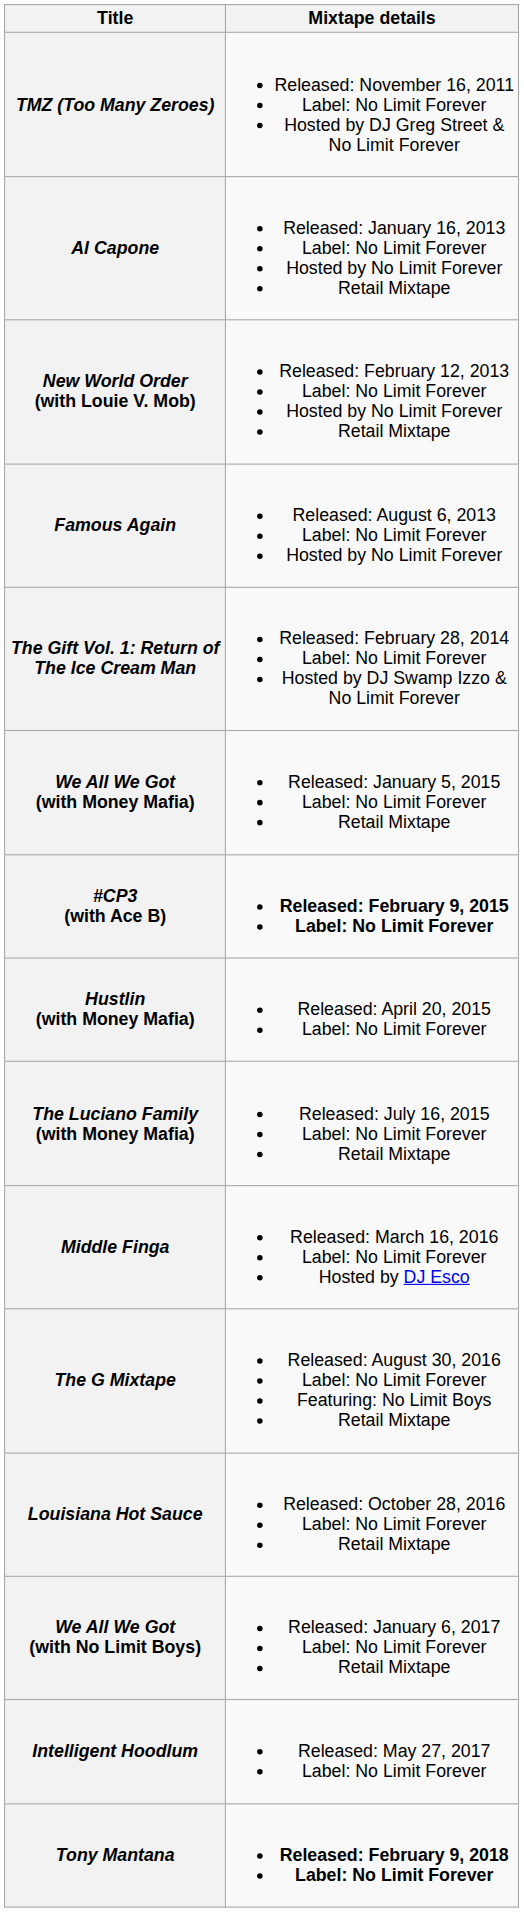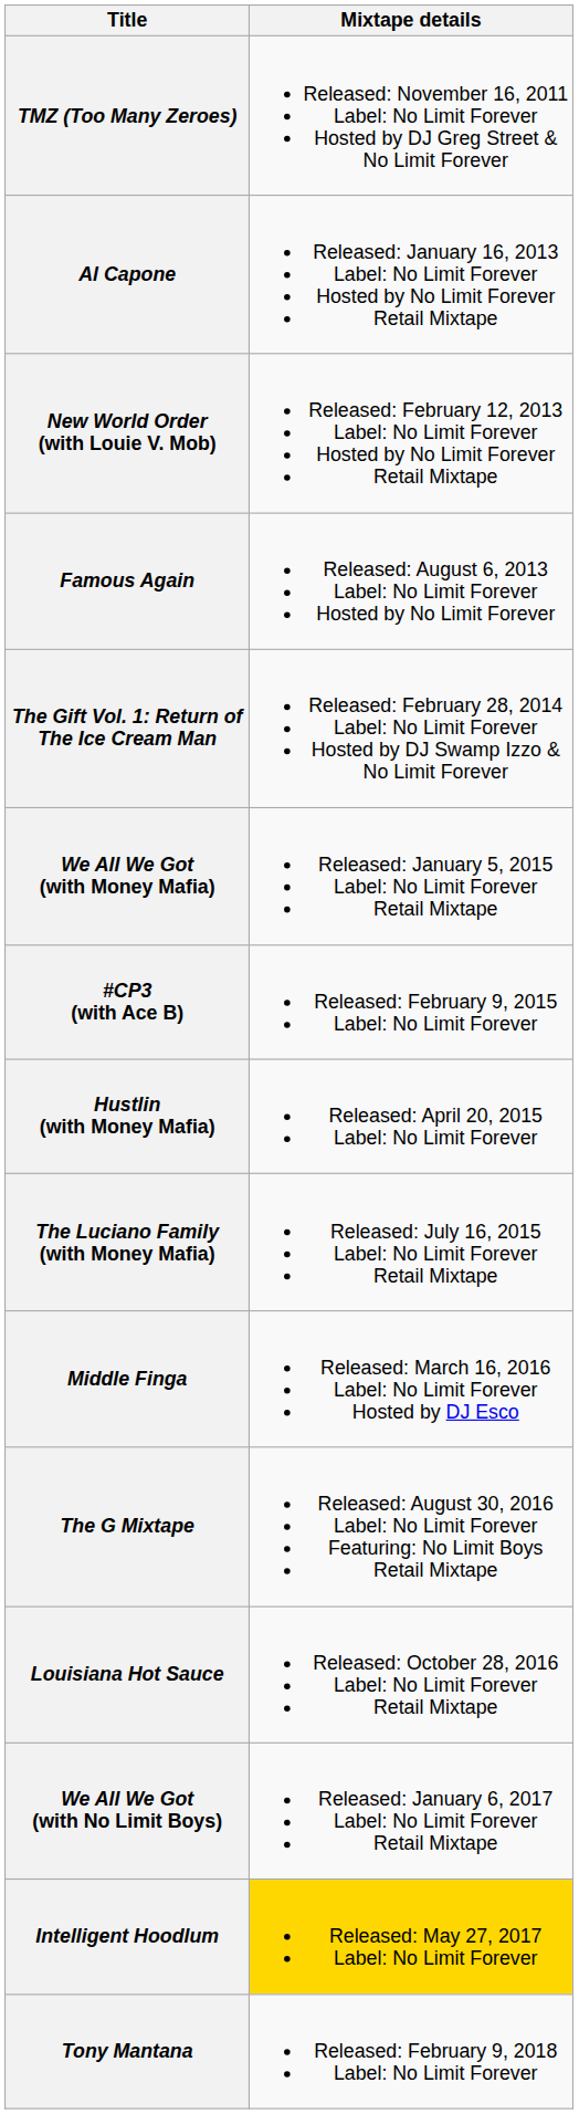 <table class="wikitable plainrowheaders" style="text-align:center;">
 <tr>
 <th scope="col" rowspan="1" style="width:12em;">Title</th>
 <th scope="col" rowspan="1" style="width:16em;">Mixtape details</th>
 </tr>
 <tr>
 <th scope="row"><em>TMZ (Too Many Zeroes)</em></th>
 <td><br><ul><li>Released: November 16, 2011</li><li>Label: No Limit Forever</li><li>Hosted by DJ Greg Street & No Limit Forever</li></ul></td>
 </tr>
 <tr>
 <th scope="row"><em>Al Capone</em></th>
 <td><br><ul><li>Released: January 16, 2013</li><li>Label: No Limit Forever</li><li>Hosted by No Limit Forever</li><li>Retail Mixtape</li></ul></td>
 </tr>
 <tr>
 <th scope="row"><em>New World Order</em> <br><span>(with Louie V. Mob)</span></th>
 <td><br><ul><li>Released: February 12, 2013</li><li>Label: No Limit Forever</li><li>Hosted by No Limit Forever</li><li>Retail Mixtape</li></ul></td>
 </tr>
 <tr>
 <th scope="row"><em>Famous Again</em></th>
 <td><br><ul><li>Released: August 6, 2013</li><li>Label: No Limit Forever</li><li>Hosted by No Limit Forever</li></ul></td>
 </tr>
 <tr>
 <th scope="row"><em>The Gift Vol. 1: Return of The Ice Cream Man</em></th>
 <td><br><ul><li>Released: February 28, 2014</li><li>Label: No Limit Forever</li><li>Hosted by DJ Swamp Izzo & No Limit Forever</li></ul></td>
 </tr>
 <tr>
 <th scope="row"><em>We All We Got</em> <br><span>(with Money Mafia)</span></th>
 <td><br><ul><li>Released: January 5, 2015</li><li>Label: No Limit Forever</li><li>Retail Mixtape</li></ul></td>
 </tr>
 <tr>
 <th scope="row"><em>#CP3</em> <br><span>(with Ace B)</span></th>
-<td><strong><br><ul><li>Released: February 9, 2015</li><li>Label: No Limit Forever</li></ul></strong></td>
+<td><br><ul><li>Released: February 9, 2015</li><li>Label: No Limit Forever</li></ul></td>
 </tr>
 <tr>
 <th scope="row"><em>Hustlin</em><br><span>(with Money Mafia)</span></th>
 <td><br><ul><li>Released: April 20, 2015</li><li>Label: No Limit Forever</li></ul></td>
 </tr>
 <tr>
 <th scope="row"><em>The Luciano Family</em><br><span>(with Money Mafia)</span></th>
 <td><br><ul><li>Released: July 16, 2015</li><li>Label: No Limit Forever</li><li>Retail Mixtape</li></ul></td>
 </tr>
 <tr>
 <th scope="row"><em>Middle Finga</em></th>
 <td><br><ul><li>Released: March 16, 2016</li><li>Label: No Limit Forever</li><li>Hosted by <a href='#'>DJ Esco</a></li></ul></td>
 </tr>
 <tr>
 <th scope="row"><em>The G Mixtape</em></th>
 <td><br><ul><li>Released: August 30, 2016</li><li>Label: No Limit Forever</li><li>Featuring: No Limit Boys</li><li>Retail Mixtape</li></ul></td>
 </tr>
 <tr>
 <th scope="row"><em>Louisiana Hot Sauce</em></th>
 <td><br><ul><li>Released: October 28, 2016</li><li>Label: No Limit Forever</li><li>Retail Mixtape</li></ul></td>
 </tr>
 <tr>
 <th scope="row"><em>We All We Got</em> <br><span>(with No Limit Boys)</span></th>
 <td><br><ul><li>Released: January 6, 2017</li><li>Label: No Limit Forever</li><li>Retail Mixtape</li></ul></td>
 </tr>
 <tr>
 <th scope="row"><em>Intelligent Hoodlum</em></th>
-<td><br><ul><li>Released: May 27, 2017</li><li>Label: No Limit Forever</li></ul></td>
+<td style="background: gold;"><br><ul><li>Released: May 27, 2017</li><li>Label: No Limit Forever</li></ul></td>
 </tr>
 <tr>
 <th scope="row"><em>Tony Mantana</em></th>
-<td><strong><br><ul><li>Released: February 9, 2018</li><li>Label: No Limit Forever</li></ul></strong></td>
+<td><br><ul><li>Released: February 9, 2018</li><li>Label: No Limit Forever</li></ul></td>
 </tr>
 </table>
